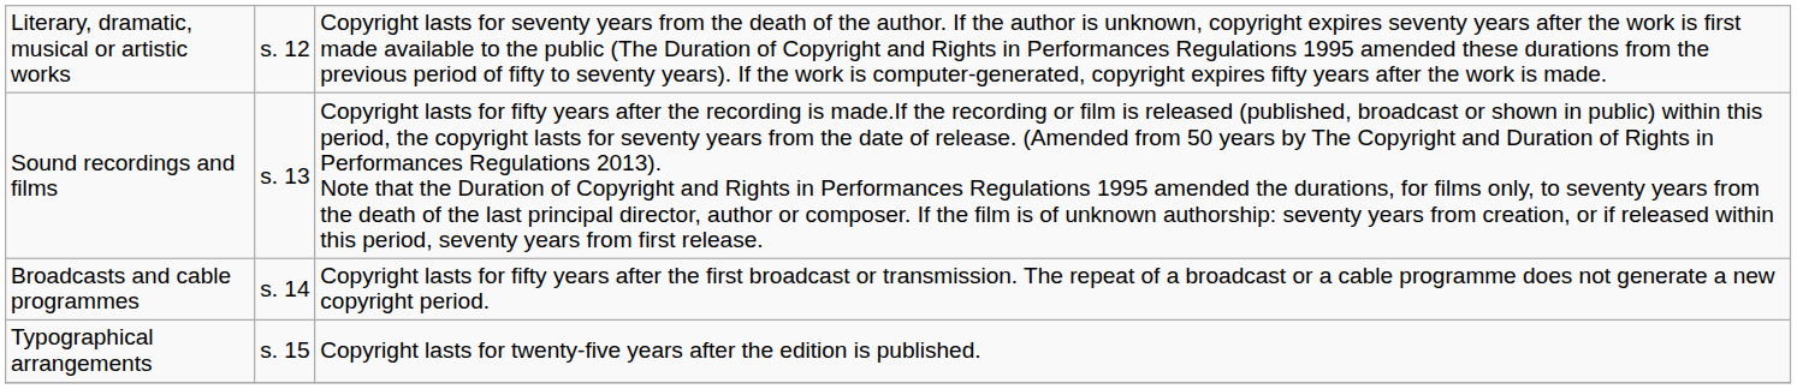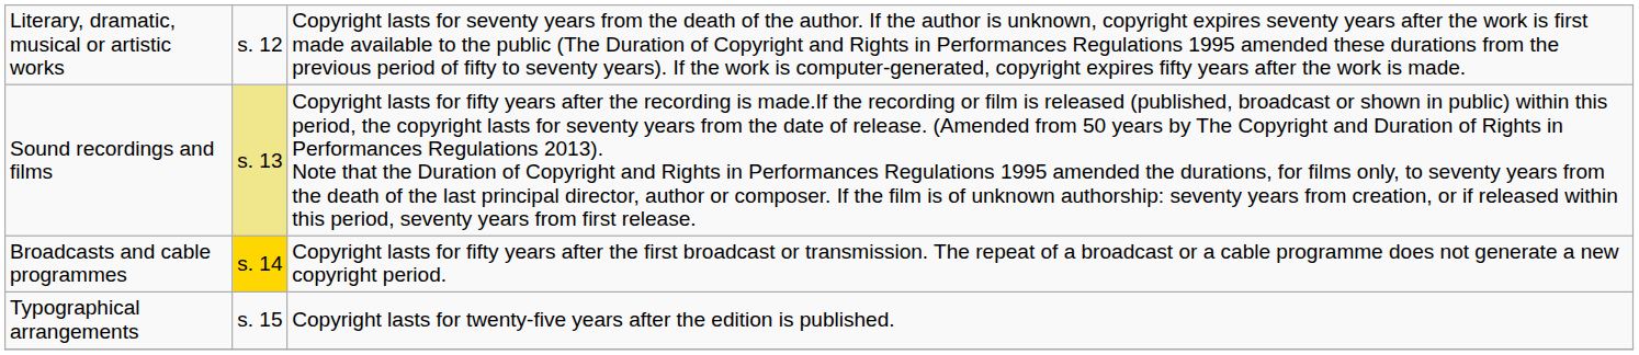 <table class="wikitable">
 <tr>
 <td>Literary, dramatic, musical or artistic works</td>
 <td>s. 12</td>
 <td>Copyright lasts for seventy years from the death of the author. If the author is unknown, copyright expires seventy years after the work is first made available to the public (The Duration of Copyright and Rights in Performances Regulations 1995 amended these durations from the previous period of fifty to seventy years). If the work is computer-generated, copyright expires fifty years after the work is made.</td>
 </tr>
 <tr>
 <td>Sound recordings and films</td>
-<td>s. 13</td>
+<td style="background: khaki;">s. 13</td>
 <td>Copyright lasts for fifty years after the recording is made.If the recording or film is released (published, broadcast or shown in public) within this period, the copyright lasts for seventy years from the date of release. (Amended from 50 years by The Copyright and Duration of Rights in Performances Regulations 2013).<br>Note that the Duration of Copyright and Rights in Performances Regulations 1995 amended the durations, for films only, to seventy years from the death of the last principal director, author or composer. If the film is of unknown authorship: seventy years from creation, or if released within this period, seventy years from first release.</td>
 </tr>
 <tr>
 <td>Broadcasts and cable programmes</td>
-<td>s. 14</td>
+<td style="background: gold;">s. 14</td>
 <td>Copyright lasts for fifty years after the first broadcast or transmission. The repeat of a broadcast or a cable programme does not generate a new copyright period.</td>
 </tr>
 <tr>
 <td>Typographical arrangements</td>
 <td>s. 15</td>
 <td>Copyright lasts for twenty-five years after the edition is published.</td>
 </tr>
 <tr>
 </tr>
 </table>
